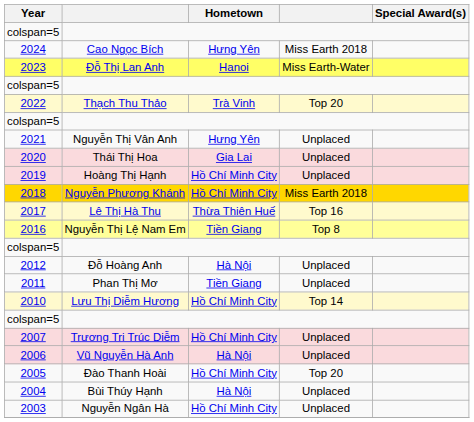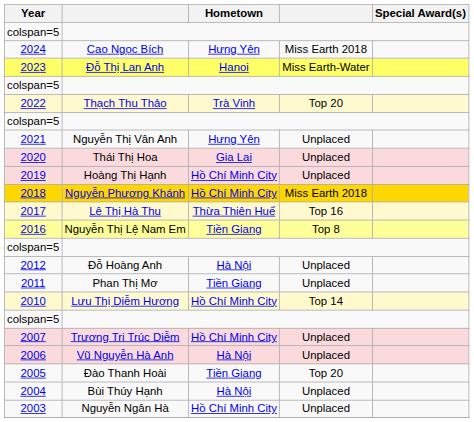 <table class="wikitable " style="font-size: 90%; text-align:center;">
 <tr>
 <th>Year</th>
 <th></th>
 <th>Hometown</th>
 <th></th>
 <th>Special Award(s)</th>
 </tr>
 <tr>
 <td>colspan=5 </td>
 </tr>
 <tr>
 <td> <a href='#'>2024</a></td>
 <td><a href='#'>Cao Ngọc Bích</a></td>
 <td><a href='#'>Hưng Yên</a></td>
 <td>Miss Earth 2018</td>
 <td></td>
 </tr>
 <tr style="background-color:#FFFF66; ">
 <td> <a href='#'>2023</a></td>
 <td><a href='#'>Đỗ Thị Lan Anh</a></td>
 <td><a href='#'>Hanoi</a></td>
 <td>Miss Earth-Water</td>
 <td style="background:;"></td>
 </tr>
 <tr>
 <td>colspan=5 </td>
 </tr>
 <tr style="background-color:#FFFACD; ">
 <td> <a href='#'>2022</a></td>
 <td><a href='#'>Thạch Thu Thảo</a></td>
 <td><a href='#'>Trà Vinh</a></td>
 <td>Top 20</td>
 <td></td>
 </tr>
 <tr>
 <td>colspan=5 </td>
 </tr>
 <tr>
 <td><a href='#'>2021</a></td>
 <td>Nguyễn Thị Vân Anh</td>
 <td><a href='#'>Hưng Yên</a></td>
 <td>Unplaced</td>
 <td></td>
 </tr>
 <tr style="background-color:#FADADD;">
 <td><a href='#'>2020</a></td>
 <td>Thái Thị Hoa</td>
 <td><a href='#'>Gia Lai</a></td>
 <td>Unplaced</td>
 <td style="background:;"></td>
 </tr>
 <tr style="background-color:#FADADD;">
 <td> <a href='#'>2019</a></td>
 <td>Hoàng Thị Hạnh</td>
 <td><a href='#'>Hồ Chí Minh City</a></td>
 <td>Unplaced</td>
 <td style="background:;"></td>
 </tr>
 <tr style="background-color:GOLD; ">
 <td> <a href='#'>2018</a></td>
 <td><a href='#'>Nguyễn Phương Khánh</a></td>
 <td><a href='#'>Hồ Chí Minh City</a></td>
 <td>Miss Earth 2018</td>
 <td style="background:;"></td>
 </tr>
 <tr style="background-color:#FFFACD; ">
 <td> <a href='#'>2017</a></td>
 <td><a href='#'>Lê Thị Hà Thu</a></td>
 <td><a href='#'>Thừa Thiên Huế</a></td>
 <td>Top 16</td>
 <td style="background:;"></td>
 </tr>
 <tr style="background-color:#FFFF99; ">
 <td> <a href='#'>2016</a></td>
 <td>Nguyễn Thị Lệ Nam Em</td>
 <td><a href='#'>Tiền Giang</a></td>
 <td>Top 8</td>
 <td style="background:;"></td>
 </tr>
 <tr>
 <td>colspan=5 </td>
 </tr>
 <tr>
 <td> <a href='#'>2012</a></td>
 <td>Đỗ Hoàng Anh</td>
 <td><a href='#'>Hà Nội</a></td>
 <td>Unplaced</td>
 <td></td>
 </tr>
 <tr>
 <td> <a href='#'>2011</a></td>
 <td>Phan Thị Mơ</td>
 <td><a href='#'>Tiền Giang</a></td>
 <td>Unplaced</td>
 <td></td>
 </tr>
 <tr style="background-color:#FFFACD; ">
 <td> <a href='#'>2010</a></td>
 <td><a href='#'>Lưu Thị Diễm Hương</a></td>
 <td><a href='#'>Hồ Chí Minh City</a></td>
 <td>Top 14</td>
 <td style="background:;"></td>
 </tr>
 <tr>
 <td>colspan=5 </td>
 </tr>
 <tr style="background-color:#FADADD;">
 <td> <a href='#'>2007</a></td>
 <td><a href='#'>Trương Tri Trúc Diễm</a></td>
 <td><a href='#'>Hồ Chí Minh City</a></td>
 <td>Unplaced</td>
 <td style="background:;"></td>
 </tr>
 <tr style="background-color:#FADADD;">
 <td> <a href='#'>2006</a></td>
 <td><a href='#'>Vũ Nguyễn Hà Anh</a></td>
 <td><a href='#'>Hà Nội</a></td>
 <td>Unplaced</td>
 <td style="background:;"></td>
 </tr>
 <tr>
 <td> <a href='#'>2005</a></td>
 <td>Đào Thanh Hoài</td>
-<td><a href='#'>Hồ Chí Minh City</a></td>
+<td><a href='#'>Tiền Giang</a></td>
 <td>Top 20</td>
 <td></td>
 </tr>
 <tr>
 <td> <a href='#'>2004</a></td>
 <td>Bùi Thúy Hạnh</td>
 <td><a href='#'>Hà Nội</a></td>
 <td>Unplaced</td>
 <td></td>
 </tr>
 <tr>
 <td> <a href='#'>2003</a></td>
 <td>Nguyễn Ngân Hà</td>
 <td><a href='#'>Hồ Chí Minh City</a></td>
 <td>Unplaced</td>
 <td></td>
 </tr>
 <tr>
 </tr>
 </table>
